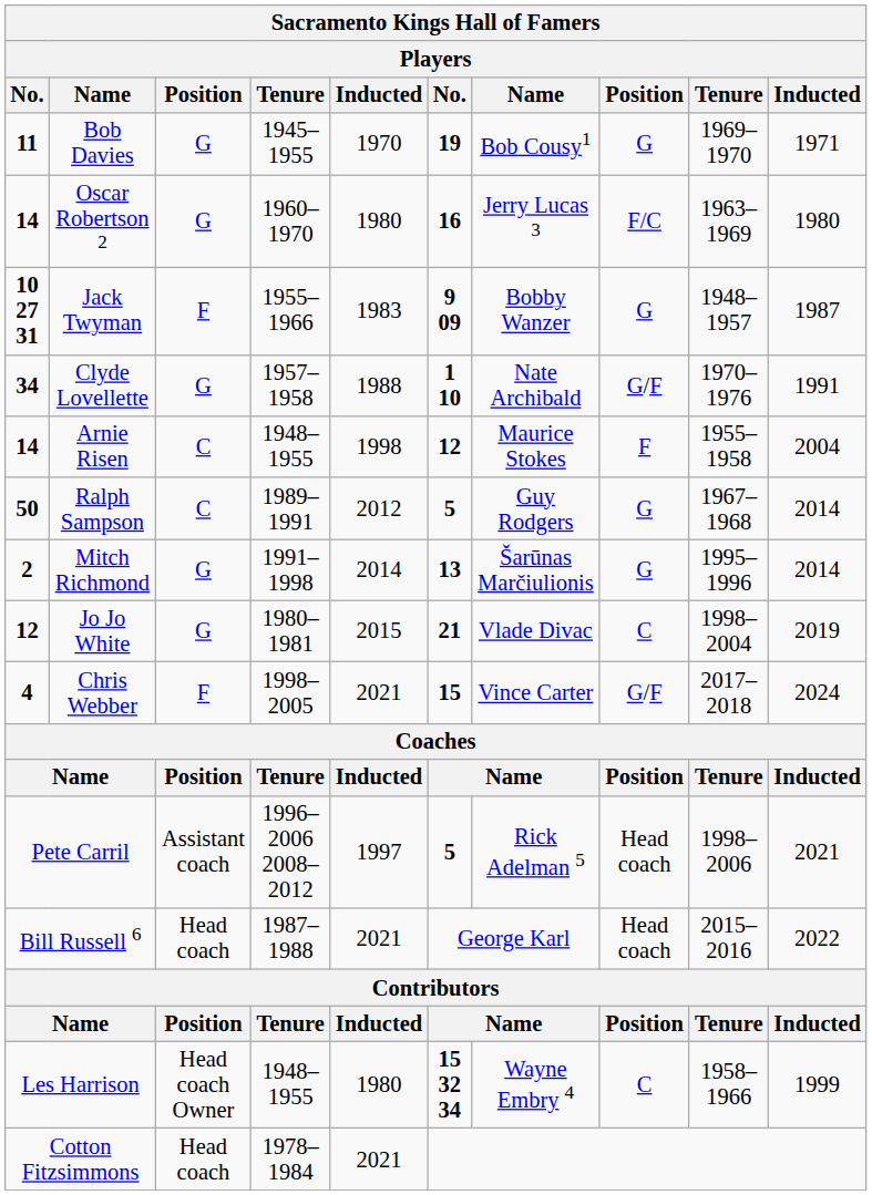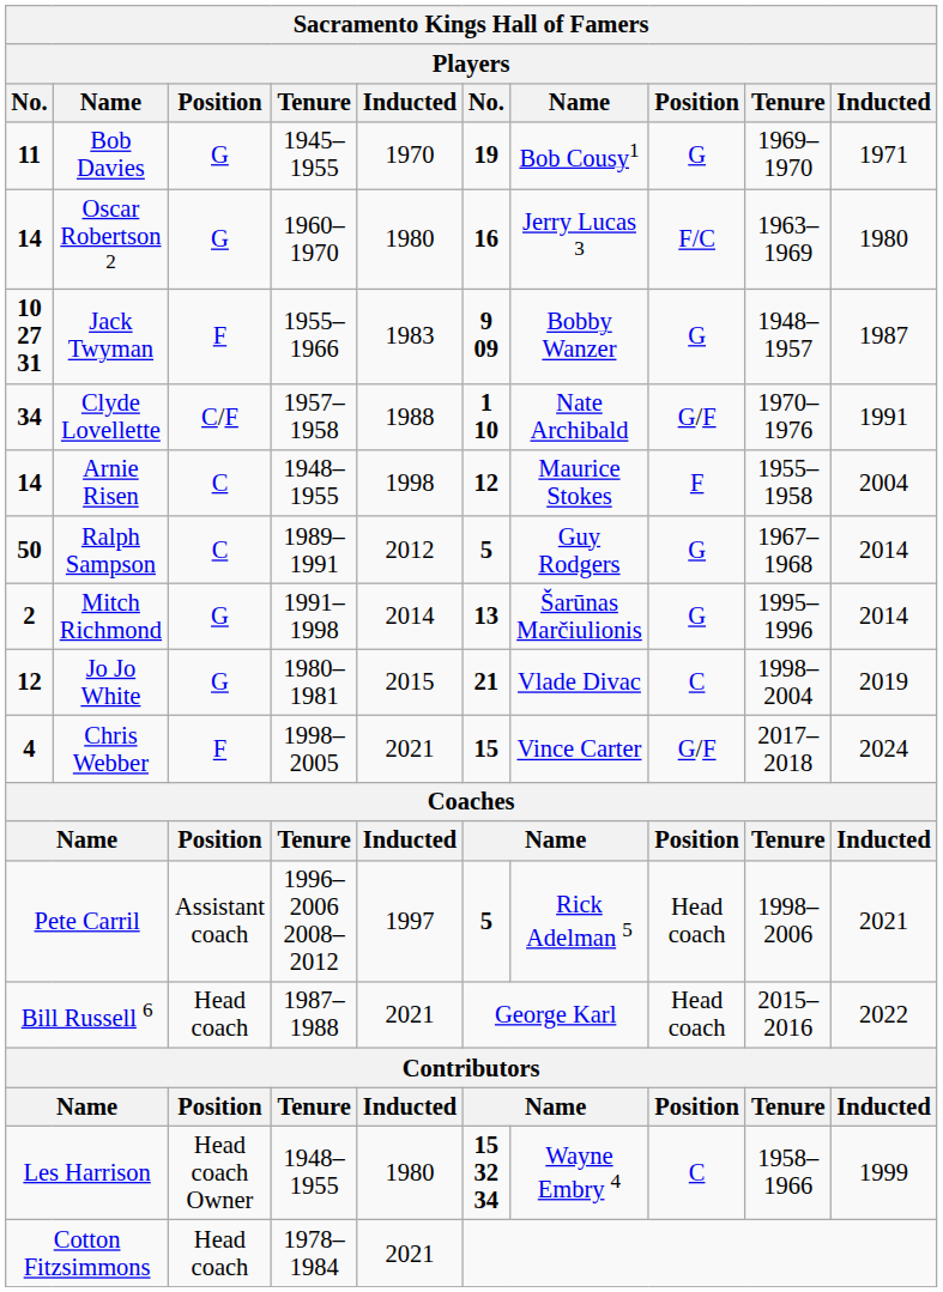 <table class="wikitable" style="text-align:center">
 <tr>
 <th colspan="10">Sacramento Kings Hall of Famers</th>
 </tr>
 <tr>
 <th colspan="10" style="text-align:center; ">Players</th>
 </tr>
 <tr>
 <th>No.</th>
 <th>Name</th>
 <th>Position</th>
 <th>Tenure</th>
 <th>Inducted</th>
 <th>No.</th>
 <th>Name</th>
 <th>Position</th>
 <th>Tenure</th>
 <th>Inducted</th>
 </tr>
 <tr>
 <td><strong>11</strong></td>
 <td><a href='#'>Bob Davies</a></td>
 <td><a href='#'>G</a></td>
 <td>1945–1955</td>
 <td>1970</td>
 <td><strong>19</strong></td>
 <td><a href='#'>Bob Cousy</a><sup>1</sup></td>
 <td><a href='#'>G</a></td>
 <td>1969–1970</td>
 <td>1971</td>
 </tr>
 <tr>
 <td><strong>14</strong></td>
 <td><a href='#'>Oscar Robertson</a> <sup>2</sup></td>
 <td><a href='#'>G</a></td>
 <td>1960–1970</td>
 <td>1980</td>
 <td><strong>16</strong></td>
 <td><a href='#'>Jerry Lucas</a> <sup>3</sup></td>
 <td><a href='#'>F/C</a></td>
 <td>1963–1969</td>
 <td>1980</td>
 </tr>
 <tr>
 <td><strong>10</strong><br><strong>27</strong><br><strong>31</strong></td>
 <td><a href='#'>Jack Twyman</a></td>
 <td><a href='#'>F</a></td>
 <td>1955–1966</td>
 <td>1983</td>
 <td><strong>9</strong><br><strong>09</strong></td>
 <td><a href='#'>Bobby Wanzer</a></td>
 <td><a href='#'>G</a></td>
 <td>1948–1957</td>
 <td>1987</td>
 </tr>
 <tr>
 <td><strong>34</strong></td>
 <td><a href='#'>Clyde Lovellette</a></td>
-<td><a href='#'>G</a></td>
+<td><a href='#'>C</a>/<a href='#'>F</a></td>
 <td>1957–1958</td>
 <td>1988</td>
 <td><strong>1</strong><br><strong>10</strong></td>
 <td><a href='#'>Nate Archibald</a></td>
 <td><a href='#'>G</a>/<a href='#'>F</a></td>
 <td>1970–1976</td>
 <td>1991</td>
 </tr>
 <tr>
 <td><strong>14</strong></td>
 <td><a href='#'>Arnie Risen</a></td>
 <td><a href='#'>C</a></td>
 <td>1948–1955</td>
 <td>1998</td>
 <td><strong>12</strong></td>
 <td><a href='#'>Maurice Stokes</a></td>
 <td><a href='#'>F</a></td>
 <td>1955–1958</td>
 <td>2004</td>
 </tr>
 <tr>
 <td><strong>50</strong></td>
 <td><a href='#'>Ralph Sampson</a></td>
 <td><a href='#'>C</a></td>
 <td>1989–1991</td>
 <td>2012</td>
 <td><strong>5</strong></td>
 <td><a href='#'>Guy Rodgers</a></td>
 <td><a href='#'>G</a></td>
 <td>1967–1968</td>
 <td>2014</td>
 </tr>
 <tr>
 <td><strong>2</strong></td>
 <td><a href='#'>Mitch Richmond</a></td>
 <td><a href='#'>G</a></td>
 <td>1991–1998</td>
 <td>2014</td>
 <td><strong>13</strong></td>
 <td><a href='#'>Šarūnas Marčiulionis</a></td>
 <td><a href='#'>G</a></td>
 <td>1995–1996</td>
 <td>2014</td>
 </tr>
 <tr>
 <td><strong>12</strong></td>
 <td><a href='#'>Jo Jo White</a></td>
 <td><a href='#'>G</a></td>
 <td>1980–1981</td>
 <td>2015</td>
 <td><strong>21</strong></td>
 <td><a href='#'>Vlade Divac</a></td>
 <td><a href='#'>C</a></td>
 <td>1998–2004</td>
 <td>2019</td>
 </tr>
 <tr>
 <td><strong>4</strong></td>
 <td><a href='#'>Chris Webber</a></td>
 <td><a href='#'>F</a></td>
 <td>1998–2005</td>
 <td>2021</td>
 <td><strong>15</strong></td>
 <td><a href='#'>Vince Carter</a></td>
 <td><a href='#'>G</a>/<a href='#'>F</a></td>
 <td>2017–2018</td>
 <td>2024</td>
 </tr>
 <tr>
 <th colspan="10" style="text-align:center; ">Coaches</th>
 </tr>
 <tr>
 <th colspan="2">Name</th>
 <th>Position</th>
 <th>Tenure</th>
 <th>Inducted</th>
 <th colspan="2">Name</th>
 <th>Position</th>
 <th>Tenure</th>
 <th>Inducted</th>
 </tr>
 <tr>
 <td colspan="2"><a href='#'>Pete Carril</a></td>
 <td>Assistant coach</td>
 <td>1996–2006<br>2008–2012</td>
 <td>1997</td>
 <td><strong>5</strong></td>
 <td><a href='#'>Rick Adelman</a> <sup>5</sup></td>
 <td>Head coach</td>
 <td>1998–2006</td>
 <td>2021</td>
 </tr>
 <tr>
 <td colspan="2"><a href='#'>Bill Russell</a> <sup>6</sup></td>
 <td>Head coach</td>
 <td>1987–1988</td>
 <td>2021</td>
 <td colspan="2"><a href='#'>George Karl</a></td>
 <td>Head coach</td>
 <td>2015–2016</td>
 <td>2022</td>
 </tr>
 <tr>
 <th colspan="10" style="text-align:center; ">Contributors</th>
 </tr>
 <tr>
 <th colspan="2">Name</th>
 <th>Position</th>
 <th>Tenure</th>
 <th>Inducted</th>
 <th colspan="2">Name</th>
 <th>Position</th>
 <th>Tenure</th>
 <th>Inducted</th>
 </tr>
 <tr>
 <td colspan="2"><a href='#'>Les Harrison</a></td>
 <td>Head coach<br>Owner</td>
 <td>1948–1955</td>
 <td>1980</td>
 <td><strong>15</strong><br><strong>32</strong><br><strong>34</strong></td>
 <td><a href='#'>Wayne Embry</a> <sup>4</sup></td>
 <td><a href='#'>C</a></td>
 <td>1958–1966</td>
 <td>1999</td>
 </tr>
 <tr>
 <td colspan="2"><a href='#'>Cotton Fitzsimmons</a></td>
 <td>Head coach</td>
 <td>1978–1984</td>
 <td>2021</td>
 </tr>
 </table>
